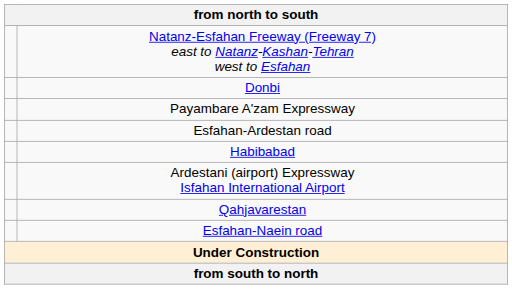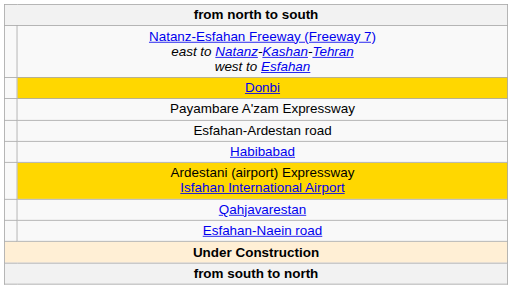 <table class="wikitable" style="text-align:center" width="600px">
 <tr>
 <th text-align="center" colspan="3"> from north to south </th>
 </tr>
 <tr>
 <td><br></td>
 <td> <a href='#'>Natanz-Esfahan Freeway (Freeway 7)</a><br><em>east to <a href='#'>Natanz</a>-<a href='#'>Kashan</a>-<a href='#'>Tehran</a></em><br><em>west to <a href='#'>Esfahan</a></em></td>
 </tr>
 <tr>
 <td></td>
-<td> <a href='#'>Donbi</a></td>
+<td style="background: gold;"> <a href='#'>Donbi</a></td>
 </tr>
 <tr>
 <td> <br></td>
 <td>  Payambare A'zam Expressway</td>
 </tr>
 <tr>
 <td></td>
 <td> Esfahan-Ardestan road</td>
 </tr>
 <tr>
 <td></td>
 <td> <a href='#'>Habibabad</a></td>
 </tr>
 <tr>
 <td></td>
-<td> Ardestani (airport) Expressway <br> <a href='#'>Isfahan International Airport</a></td>
+<td style="background: gold;"> Ardestani (airport) Expressway <br> <a href='#'>Isfahan International Airport</a></td>
 </tr>
 <tr>
 <td></td>
 <td> <a href='#'>Qahjavarestan</a></td>
 </tr>
 <tr>
 <td></td>
 <td> <a href='#'>Esfahan-Naein road</a></td>
 </tr>
 <tr>
 <td text-align="center" colspan="3" bgcolor="#FFEFD5"> <strong> Under Construction</strong> </td>
 </tr>
 <tr>
 <th text-align="center" colspan="3"> from south to north </th>
 </tr>
 </table>
